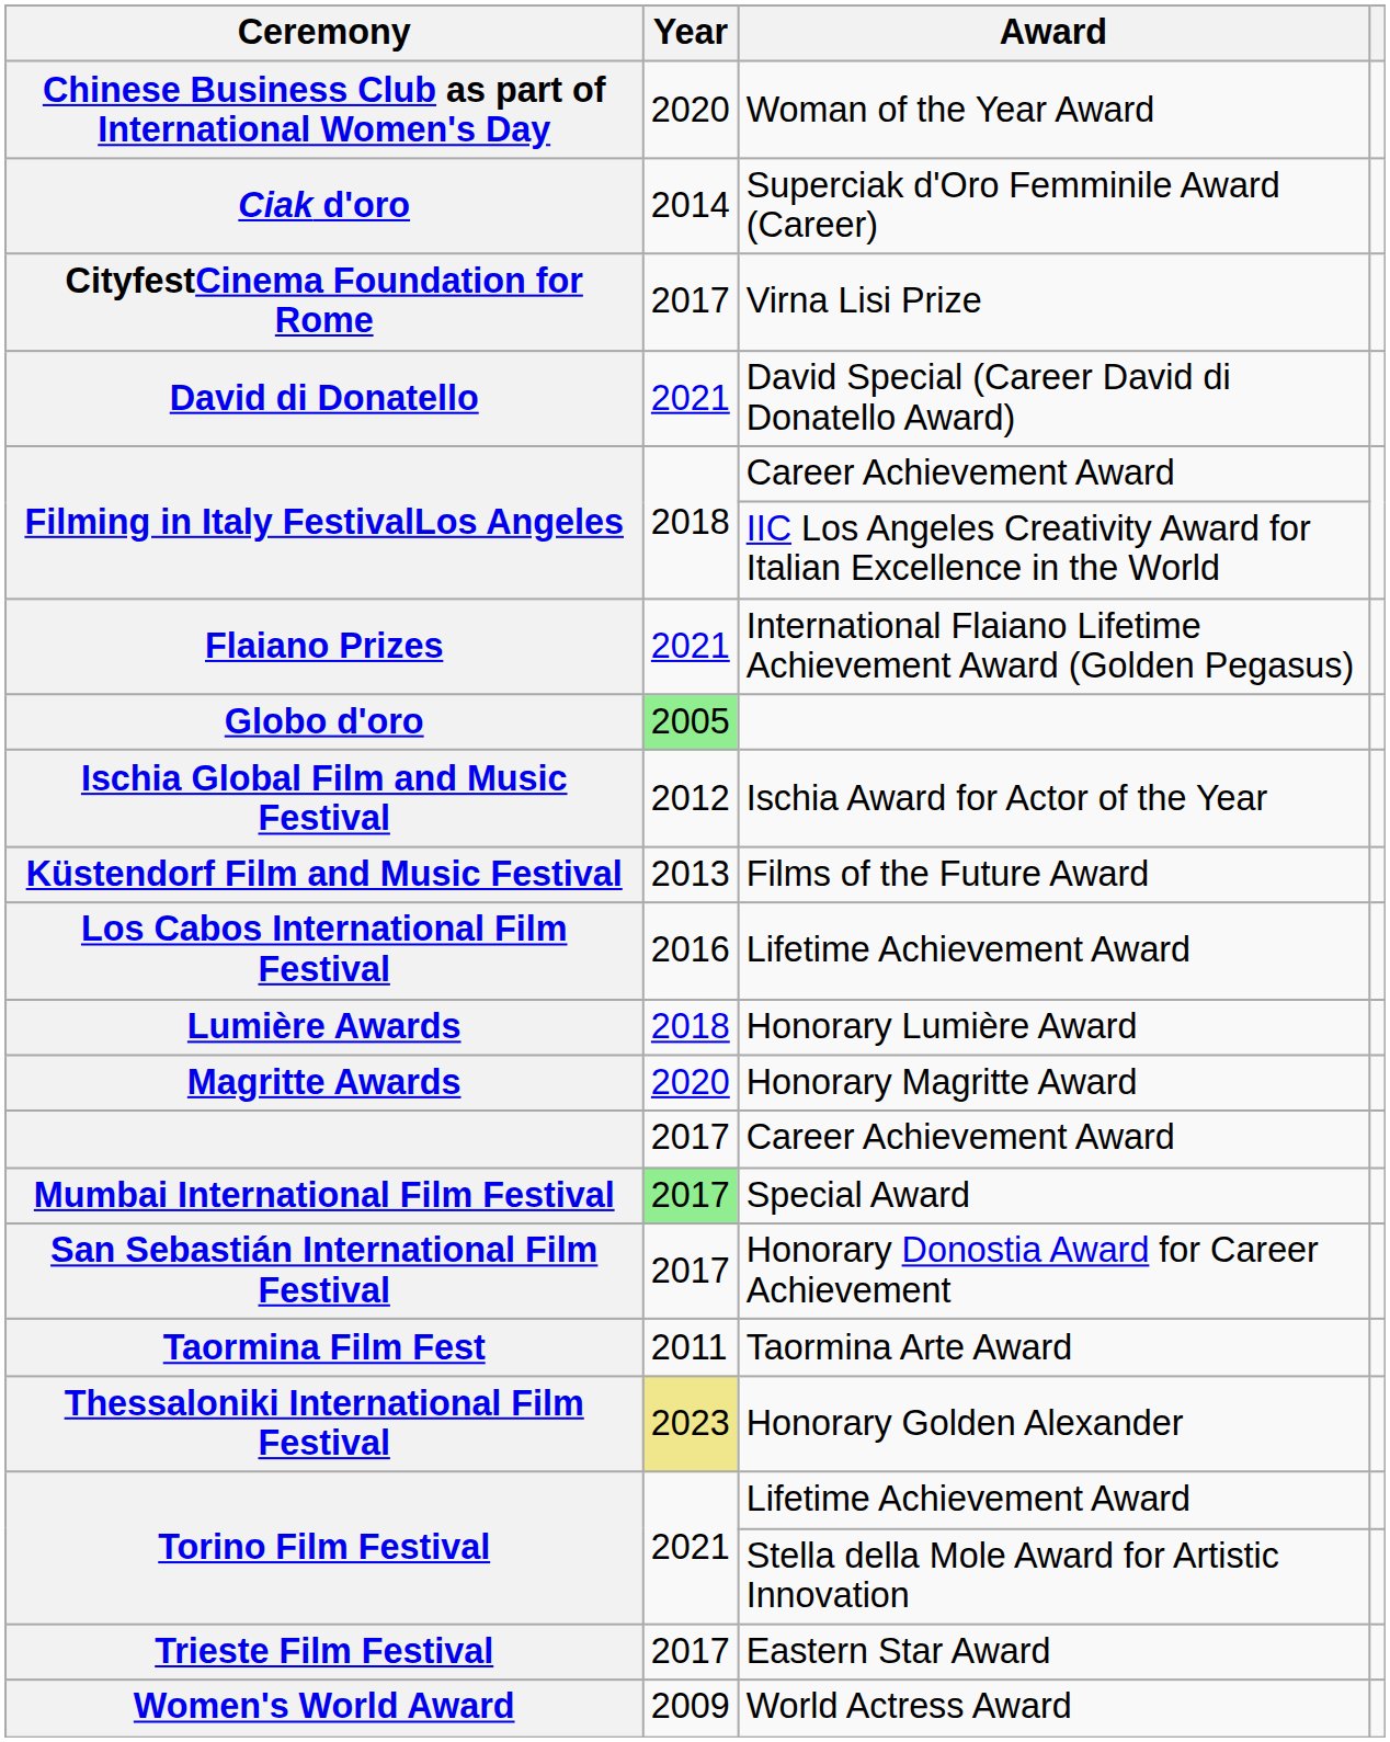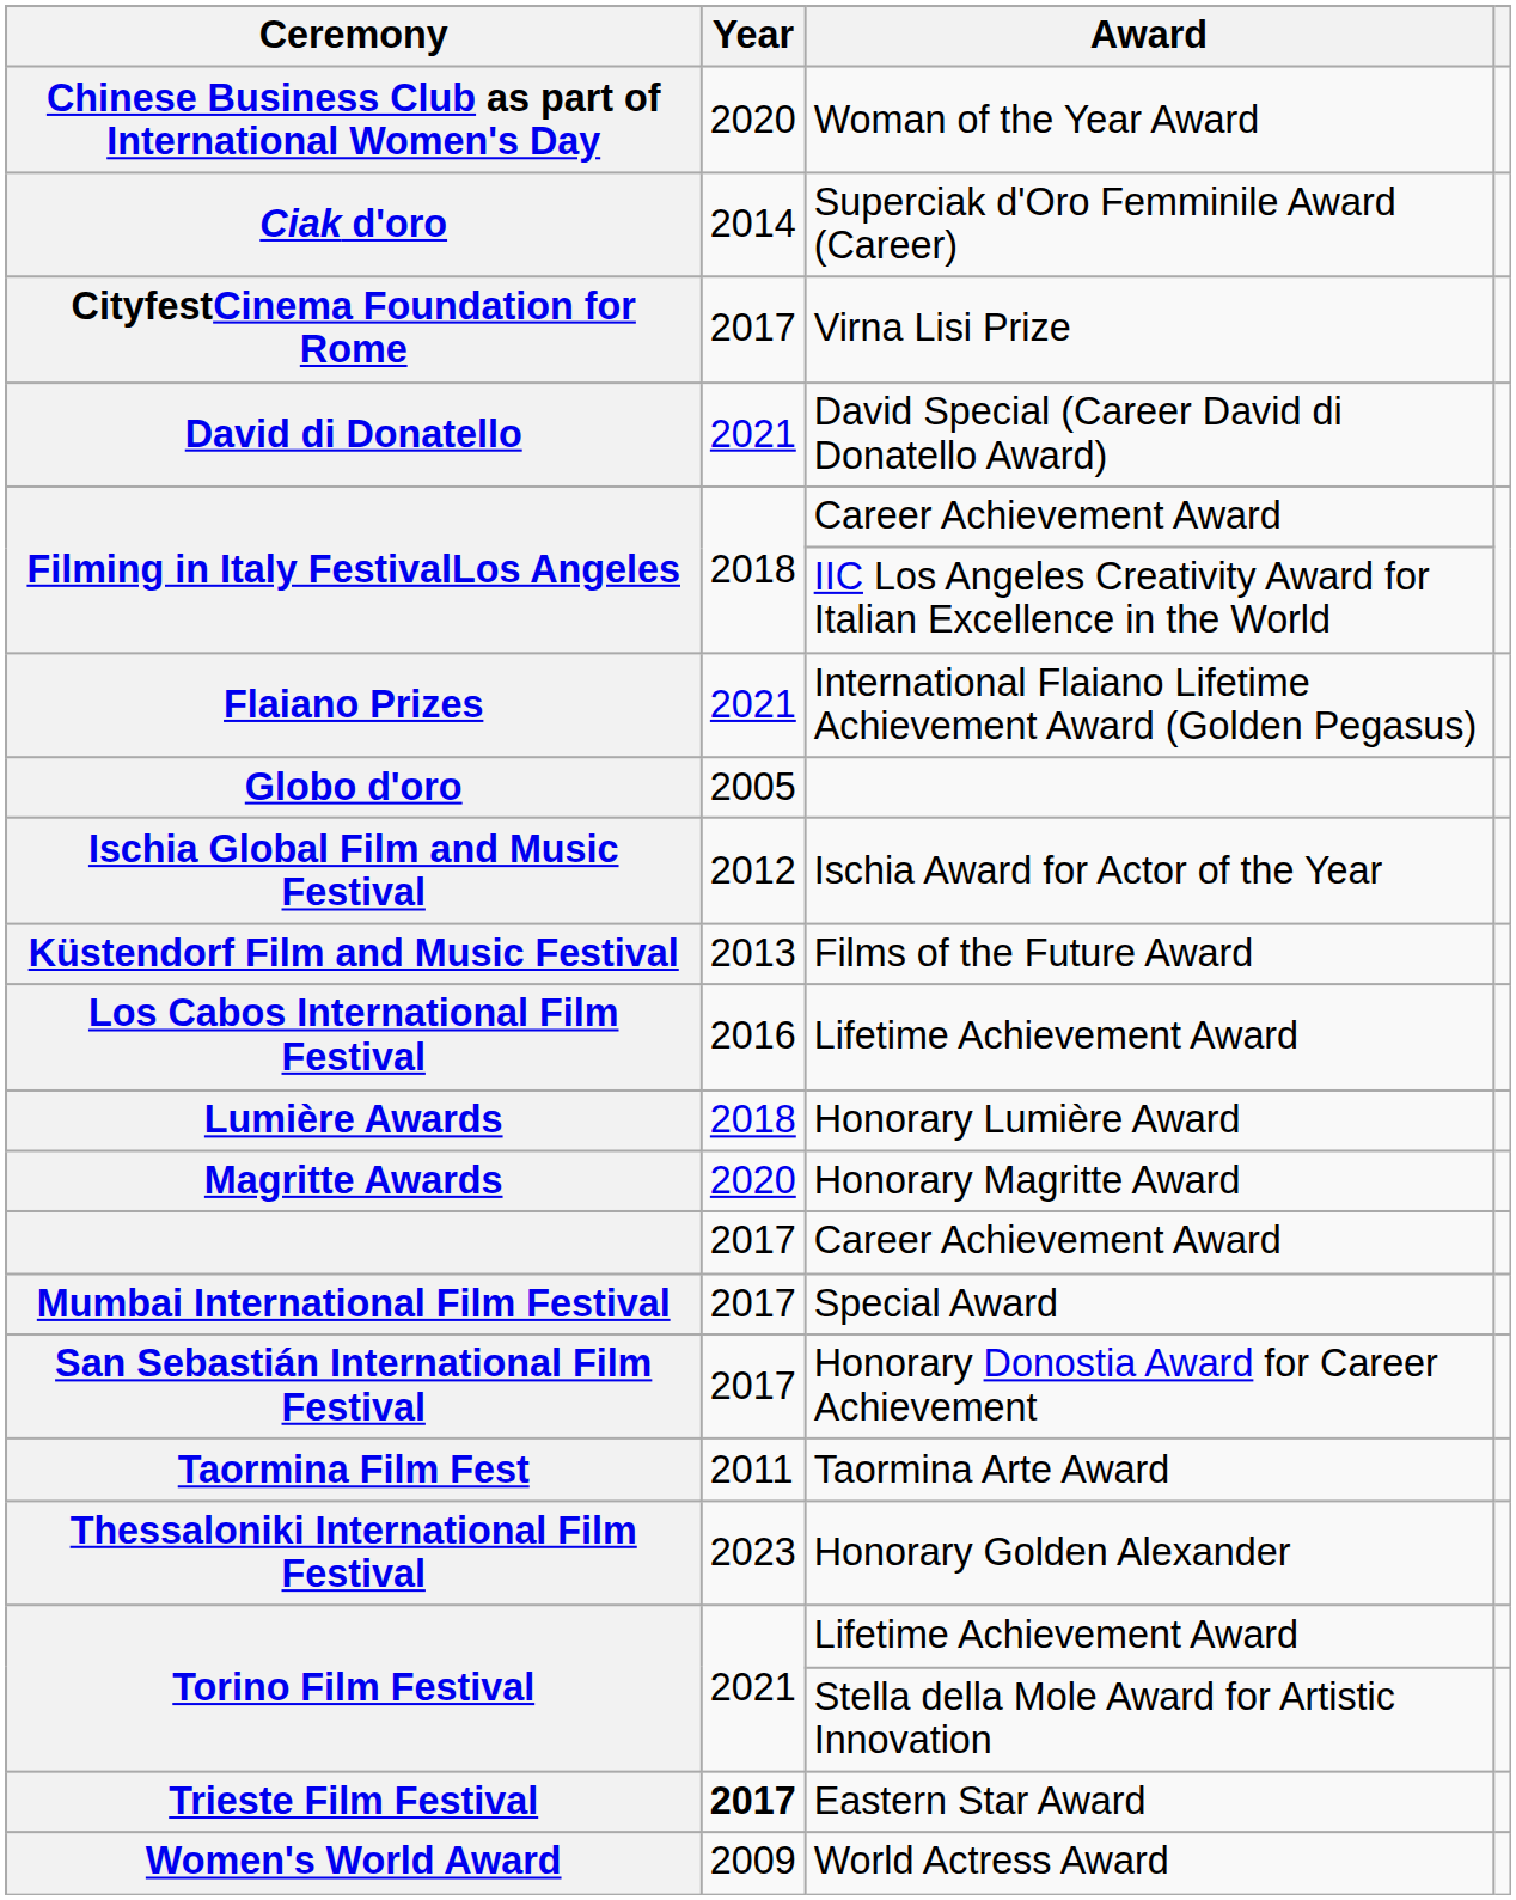 <table class="wikitable sortable plainrowheaders" style="margin-right: 0;">
 <tr>
 <th scope="col">Ceremony</th>
 <th scope="col">Year</th>
 <th scope="col">Award</th>
 <th scope="col" class="unsortable"></th>
 </tr>
 <tr>
 <th scope="row"><a href='#'>Chinese Business Club</a> as part of <a href='#'>International Women's Day</a></th>
 <td>2020</td>
 <td>Woman of the Year Award</td>
 <td style="text-align:center;"></td>
 </tr>
 <tr>
 <th scope="row"><a href='#'><em>Ciak</em> d'oro</a></th>
 <td>2014</td>
 <td>Superciak d'Oro Femminile Award (Career)</td>
 <td style="text-align:center;"></td>
 </tr>
 <tr>
 <th scope="row">Cityfest<a href='#'>Cinema Foundation for Rome</a></th>
 <td>2017</td>
 <td>Virna Lisi Prize</td>
 <td style="text-align:center;"></td>
 </tr>
 <tr>
 <th scope="row"><a href='#'>David di Donatello</a></th>
 <td><a href='#'>2021</a></td>
 <td>David Special (Career David di Donatello Award)</td>
 <td style="text-align:center;"></td>
 </tr>
 <tr>
 <th scope="row" rowspan="2"><a href='#'>Filming in Italy FestivalLos Angeles</a></th>
 <td rowspan="2">2018</td>
 <td>Career Achievement Award</td>
 <td rowspan="2" style="text-align:center;"></td>
 </tr>
 <tr>
 <td><a href='#'>IIC</a> Los Angeles Creativity Award for Italian Excellence in the World</td>
 </tr>
 <tr>
 <th scope="row"><a href='#'>Flaiano Prizes</a></th>
 <td><a href='#'>2021</a></td>
 <td>International Flaiano Lifetime Achievement Award (Golden Pegasus)</td>
 <td style="text-align:center;"></td>
 </tr>
 <tr>
 <th scope="row"><a href='#'>Globo d'oro</a></th>
-<td style="background: lightgreen;">2005</td>
+<td>2005</td>
 <td></td>
 <td style="text-align:center;"></td>
 </tr>
 <tr>
 <th scope="row"><a href='#'>Ischia Global Film and Music Festival</a></th>
 <td>2012</td>
 <td>Ischia Award for Actor of the Year</td>
 <td style="text-align:center;"></td>
 </tr>
 <tr>
 <th scope="row"><a href='#'>Küstendorf Film and Music Festival</a></th>
 <td>2013</td>
 <td>Films of the Future Award</td>
 <td style="text-align:center;"></td>
 </tr>
 <tr>
 <th scope="row"><a href='#'>Los Cabos International Film Festival</a></th>
 <td>2016</td>
 <td>Lifetime Achievement Award</td>
 <td style="text-align:center;"></td>
 </tr>
 <tr>
 <th scope="row"><a href='#'>Lumière Awards</a></th>
 <td><a href='#'>2018</a></td>
 <td>Honorary Lumière Award</td>
 <td style="text-align:center;"></td>
 </tr>
 <tr>
 <th scope="row"><a href='#'>Magritte Awards</a></th>
 <td><a href='#'>2020</a></td>
 <td>Honorary Magritte Award</td>
 <td style="text-align:center;"></td>
 </tr>
 <tr>
 <th scope="row"></th>
 <td>2017</td>
 <td>Career Achievement Award</td>
 <td style="text-align:center;"></td>
 </tr>
 <tr>
 <th scope="row"><a href='#'>Mumbai International Film Festival</a></th>
-<td style="background: lightgreen;">2017</td>
+<td>2017</td>
 <td>Special Award</td>
 <td style="text-align:center;"></td>
 </tr>
 <tr>
 <th scope="row"><a href='#'>San Sebastián International Film Festival</a></th>
 <td>2017</td>
 <td>Honorary <a href='#'>Donostia Award</a> for Career Achievement</td>
 <td style="text-align:center;"></td>
 </tr>
 <tr>
 <th scope="row"><a href='#'>Taormina Film Fest</a></th>
 <td>2011</td>
 <td>Taormina Arte Award</td>
 <td style="text-align:center;"></td>
 </tr>
 <tr>
 <th scope="row"><a href='#'>Thessaloniki International Film Festival</a></th>
-<td style="background: khaki;">2023</td>
+<td>2023</td>
 <td>Honorary Golden Alexander</td>
 <td style="text-align:center;"></td>
 </tr>
 <tr>
 <th scope="row" rowspan="2"><a href='#'>Torino Film Festival</a></th>
 <td rowspan="2">2021</td>
 <td>Lifetime Achievement Award</td>
 <td style="text-align:center;"></td>
 </tr>
 <tr>
 <td>Stella della Mole Award for Artistic Innovation</td>
 <td style="text-align:center;"></td>
 </tr>
 <tr>
 <th scope="row"><a href='#'>Trieste Film Festival</a></th>
-<td>2017</td>
+<td><strong>2017</strong></td>
 <td>Eastern Star Award</td>
 <td style="text-align:center;"></td>
 </tr>
 <tr>
 <th scope="row"><a href='#'>Women's World Award</a></th>
 <td>2009</td>
 <td>World Actress Award</td>
 <td style="text-align:center;"></td>
 </tr>
 </table>
